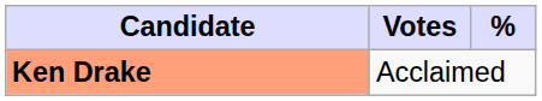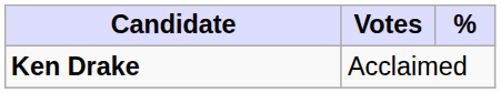 <table class="wikitable">
 <tr>
 <th style="background:#ddf; width:200px;">Candidate</th>
 <th style="background:#ddf; width:50px;">Votes</th>
 <th style="background:#ddf; width:30px;">%</th>
 </tr>
 <tr>
-<td style="background: lightsalmon;"><strong>Ken Drake</strong></td>
+<td><strong>Ken Drake</strong></td>
 <td colspan="2">Acclaimed</td>
 </tr>
 </table>
